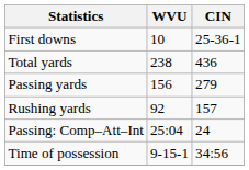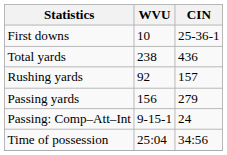 <table class="wikitable" style="float: left;">
 <tr>
 <th>Statistics</th>
 <th>WVU</th>
 <th>CIN</th>
 </tr>
 <tr>
 <td>First downs</td>
 <td>10</td>
 <td>25-36-1</td>
 </tr>
 <tr>
 <td>Total yards</td>
 <td>238</td>
 <td>436</td>
 </tr>
 <tr>
+<td>Rushing yards</td>
+<td>92</td>
+<td>157</td>
+</tr>
+<tr>
 <td>Passing yards</td>
 <td>156</td>
 <td>279</td>
 </tr>
 <tr>
-<td>Rushing yards</td>
-<td>92</td>
-<td>157</td>
-</tr>
-<tr>
 <td>Passing: Comp–Att–Int</td>
-<td>25:04</td>
+<td>9-15-1</td>
 <td>24</td>
 </tr>
 <tr>
 <td>Time of possession</td>
-<td>9-15-1</td>
+<td>25:04</td>
 <td>34:56</td>
 </tr>
 <tr>
 </tr>
 </table>
